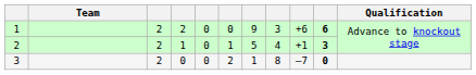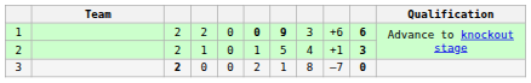 <table class="wikitable" style="text-align: center;">
 <tr>
 <th width="25"></th>
 <th width="150">Team</th>
 <th width="25"></th>
 <th width="25"></th>
 <th width="25"></th>
 <th width="25"></th>
 <th width="25"></th>
 <th width="25"></th>
 <th width="25"></th>
 <th width="25"></th>
 <th width="170">Qualification</th>
 </tr>
 <tr align=center style="background:#ccffcc;">
 <td>1</td>
 <td style="text-align:left;"></td>
 <td>2</td>
 <td>2</td>
 <td>0</td>
-<td>0</td>
-<td>9</td>
+<td><strong>0</strong></td>
+<td><strong>9</strong></td>
 <td>3</td>
 <td>+6</td>
 <td><strong>6</strong></td>
 <td rowspan="2">Advance to <a href='#'>knockout stage</a></td>
 </tr>
 <tr align=center style="background:#ccffcc;">
 <td>2</td>
 <td style="text-align:left;"></td>
 <td>2</td>
 <td>1</td>
 <td>0</td>
 <td>1</td>
 <td>5</td>
 <td>4</td>
 <td>+1</td>
 <td><strong>3</strong></td>
 </tr>
 <tr align=center style="background:#f5f5f5;">
 <td>3</td>
 <td style="text-align:left;"></td>
-<td>2</td>
+<td><strong>2</strong></td>
 <td>0</td>
 <td>0</td>
 <td>2</td>
 <td>1</td>
 <td>8</td>
 <td>–7</td>
 <td><strong>0</strong></td>
 <td></td>
 </tr>
 </table>
